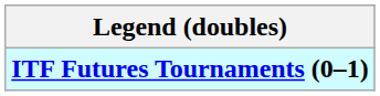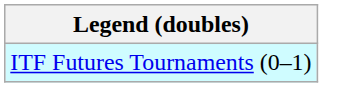 <table class=wikitable style=font-size:97%>
 <tr>
 <th>Legend (doubles)</th>
 </tr>
 <tr bgcolor=CFFCFF>
-<td><strong><a href='#'>ITF Futures Tournaments</a> (0–1)</strong></td>
+<td><a href='#'>ITF Futures Tournaments</a> (0–1)</td>
 </tr>
 </table>
